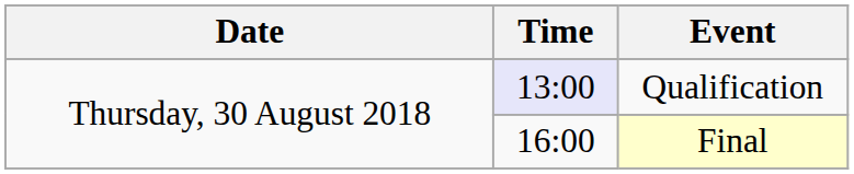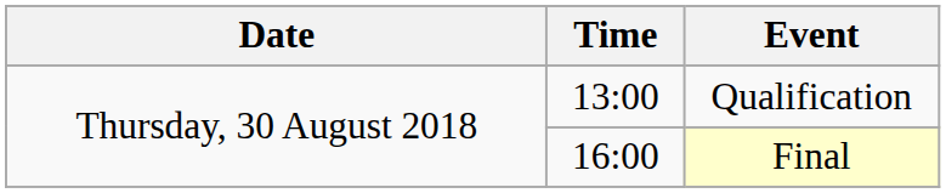 <table class = "wikitable" style="text-align:center;">
 <tr>
 <th width=220>Date</th>
 <th width=50>Time</th>
 <th width=100>Event</th>
 </tr>
 <tr>
 <td rowspan=2>Thursday, 30 August 2018</td>
-<td style="background: lavender;">13:00</td>
+<td>13:00</td>
 <td>Qualification</td>
 </tr>
 <tr>
 <td>16:00</td>
 <td bgcolor=ffffcc>Final</td>
 </tr>
 </table>
